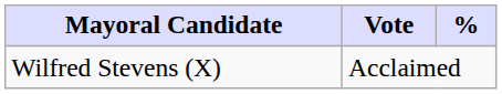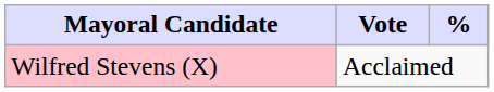 <table class="wikitable">
 <tr>
 <th style="background:#ddf; width:200px;">Mayoral Candidate</th>
 <th style="background:#ddf; width:50px;">Vote</th>
 <th style="background:#ddf; width:30px;">%</th>
 </tr>
 <tr>
-<td>Wilfred Stevens (X)</td>
+<td style="background: pink;">Wilfred Stevens (X)</td>
 <td colspan="2">Acclaimed</td>
 </tr>
 </table>
